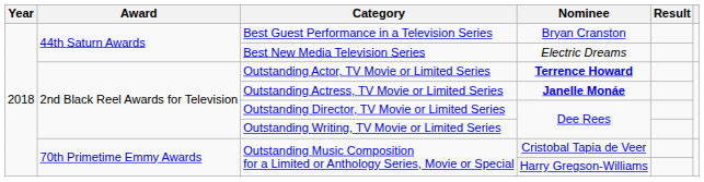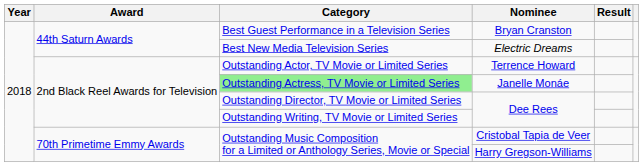 <table class="wikitable sortable plainrowheaders">
 <tr style="background:#ccc; text-align:center;">
 <th scope="col">Year</th>
 <th scope="col">Award</th>
 <th scope="col">Category</th>
 <th scope="col">Nominee</th>
 <th scope="col">Result</th>
 <th scope="col" class="unsortable"></th>
 </tr>
 <tr>
 <td rowspan="8">2018</td>
 <td rowspan="2"><a href='#'>44th Saturn Awards</a></td>
 <td><a href='#'>Best Guest Performance in a Television Series</a></td>
 <td style="text-align:center;"><a href='#'>Bryan Cranston</a></td>
 <td></td>
 <td rowspan="2" style="text-align:center;"></td>
 </tr>
 <tr>
 <td><a href='#'>Best New Media Television Series</a></td>
 <td style="text-align:center;"><em>Electric Dreams</em></td>
 <td></td>
 </tr>
 <tr>
 <td rowspan="4">2nd Black Reel Awards for Television</td>
 <td><a href='#'>Outstanding Actor, TV Movie or Limited Series</a></td>
-<td style="text-align:center;"><strong><a href='#'>Terrence Howard</a></strong></td>
+<td style="text-align:center;"><a href='#'>Terrence Howard</a></td>
 <td></td>
 <td rowspan="4" style="text-align:center;"></td>
 </tr>
 <tr>
-<td><a href='#'>Outstanding Actress, TV Movie or Limited Series</a></td>
-<td style="text-align:center;"><strong><a href='#'>Janelle Monáe</a></strong></td>
+<td style="background: lightgreen;"><a href='#'>Outstanding Actress, TV Movie or Limited Series</a></td>
+<td style="text-align:center;"><a href='#'>Janelle Monáe</a></td>
 <td></td>
 </tr>
 <tr>
 <td><a href='#'>Outstanding Director, TV Movie or Limited Series</a></td>
 <td rowspan="2" style="text-align:center;"><a href='#'>Dee Rees</a><br></td>
 <td></td>
 </tr>
 <tr>
 <td><a href='#'>Outstanding Writing, TV Movie or Limited Series</a></td>
 <td></td>
 </tr>
 <tr>
 <td rowspan="2"><a href='#'>70th Primetime Emmy Awards</a></td>
 <td rowspan="2"><a href='#'>Outstanding Music Composition<br>for a Limited or Anthology Series, Movie or Special</a></td>
 <td style="text-align:center;"><a href='#'>Cristobal Tapia de Veer</a><br></td>
 <td></td>
 </tr>
 <tr>
 <td style="text-align:center;"><a href='#'>Harry Gregson-Williams</a><br></td>
 <td></td>
 </tr>
 </table>
